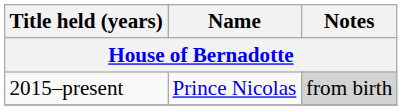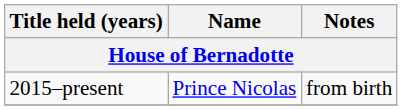 <table class="wikitable">
 <tr>
 <th><strong>Title held (years)</strong></th>
 <th><strong>Name</strong></th>
 <th><strong>Notes</strong></th>
 </tr>
 <tr>
 <th colspan=3><a href='#'>House of Bernadotte</a></th>
 </tr>
 <tr>
 <td>2015–present</td>
 <td><a href='#'>Prince Nicolas</a></td>
-<td style="background: lightgrey;">from birth</td>
+<td>from birth</td>
 </tr>
 <tr>
 </tr>
 </table>
